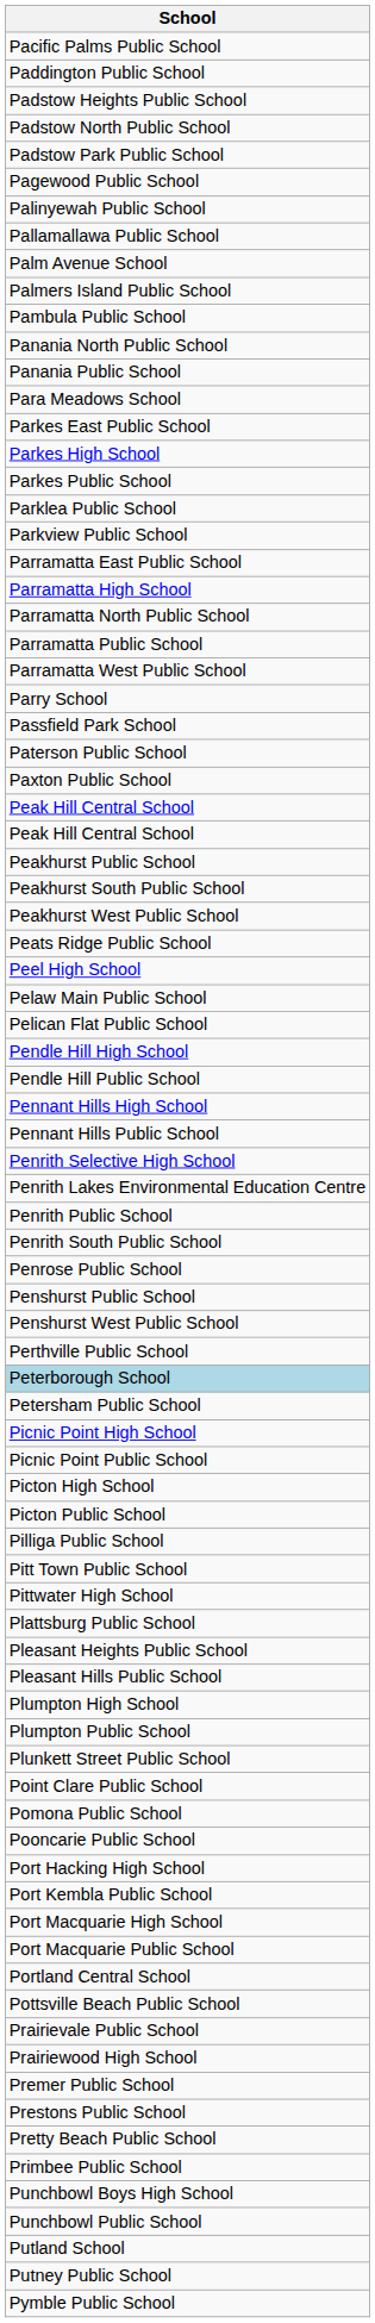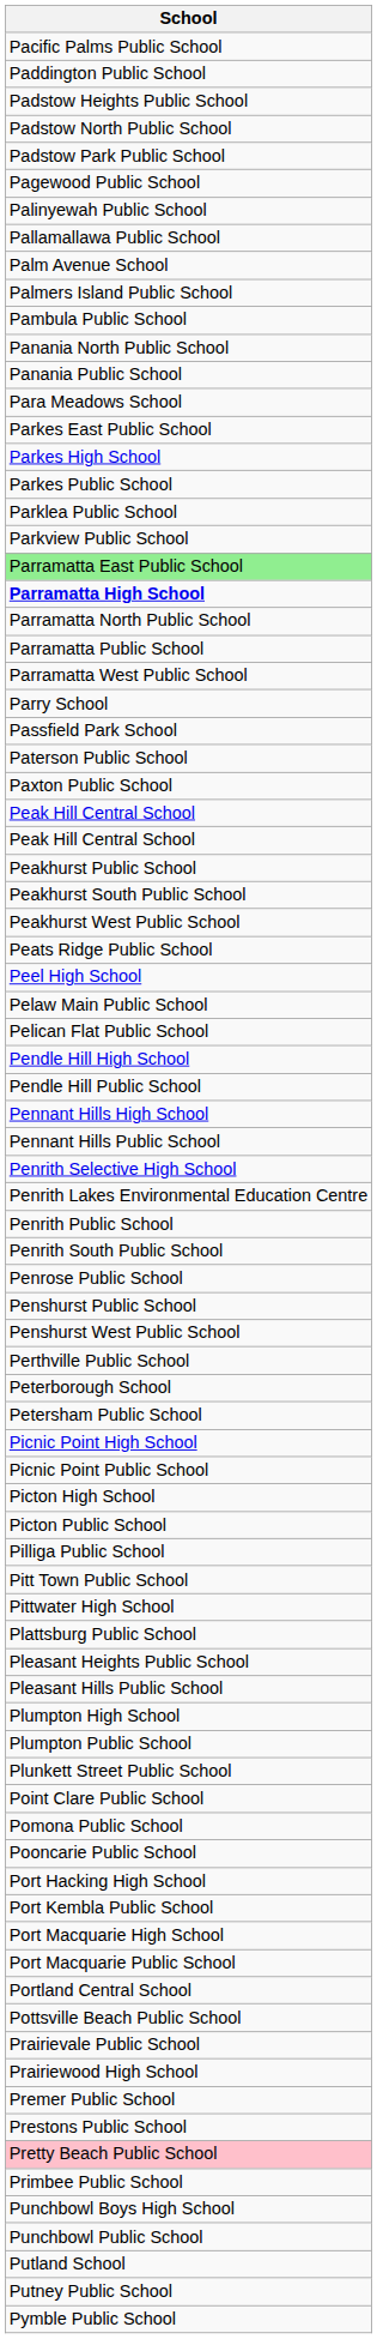 <table class="wikitable">
 <tr>
 <th>School</th>
 </tr>
 <tr>
 <td>Pacific Palms Public School</td>
 </tr>
 <tr>
 <td>Paddington Public School</td>
 </tr>
 <tr>
 <td>Padstow Heights Public School</td>
 </tr>
 <tr>
 <td>Padstow North Public School</td>
 </tr>
 <tr>
 <td>Padstow Park Public School</td>
 </tr>
 <tr>
 <td>Pagewood Public School</td>
 </tr>
 <tr>
 <td>Palinyewah Public School</td>
 </tr>
 <tr>
 <td>Pallamallawa Public School</td>
 </tr>
 <tr>
 <td>Palm Avenue School</td>
 </tr>
 <tr>
 <td>Palmers Island Public School</td>
 </tr>
 <tr>
 <td>Pambula Public School</td>
 </tr>
 <tr>
 <td>Panania North Public School</td>
 </tr>
 <tr>
 <td>Panania Public School</td>
 </tr>
 <tr>
 <td>Para Meadows School</td>
 </tr>
 <tr>
 <td>Parkes East Public School</td>
 </tr>
 <tr>
 <td><a href='#'>Parkes High School</a></td>
 </tr>
 <tr>
 <td>Parkes Public School</td>
 </tr>
 <tr>
 <td>Parklea Public School</td>
 </tr>
 <tr>
 <td>Parkview Public School</td>
 </tr>
 <tr>
-<td>Parramatta East Public School</td>
+<td style="background: lightgreen;">Parramatta East Public School</td>
 </tr>
 <tr>
-<td><a href='#'>Parramatta High School</a></td>
+<td><strong><a href='#'>Parramatta High School</a></strong></td>
 </tr>
 <tr>
 <td>Parramatta North Public School</td>
 </tr>
 <tr>
 <td>Parramatta Public School</td>
 </tr>
 <tr>
 <td>Parramatta West Public School</td>
 </tr>
 <tr>
 <td>Parry School</td>
 </tr>
 <tr>
 <td>Passfield Park School</td>
 </tr>
 <tr>
 <td>Paterson Public School</td>
 </tr>
 <tr>
 <td>Paxton Public School</td>
 </tr>
 <tr>
 <td><a href='#'>Peak Hill Central School</a></td>
 </tr>
 <tr>
 <td>Peak Hill Central School</td>
 </tr>
 <tr>
 <td>Peakhurst Public School</td>
 </tr>
 <tr>
 <td>Peakhurst South Public School</td>
 </tr>
 <tr>
 <td>Peakhurst West Public School</td>
 </tr>
 <tr>
 <td>Peats Ridge Public School</td>
 </tr>
 <tr>
 <td><a href='#'>Peel High School</a></td>
 </tr>
 <tr>
 <td>Pelaw Main Public School</td>
 </tr>
 <tr>
 <td>Pelican Flat Public School</td>
 </tr>
 <tr>
 <td><a href='#'>Pendle Hill High School</a></td>
 </tr>
 <tr>
 <td>Pendle Hill Public School</td>
 </tr>
 <tr>
 <td><a href='#'>Pennant Hills High School</a></td>
 </tr>
 <tr>
 <td>Pennant Hills Public School</td>
 </tr>
 <tr>
 <td><a href='#'>Penrith Selective High School</a></td>
 </tr>
 <tr>
 <td>Penrith Lakes Environmental Education Centre</td>
 </tr>
 <tr>
 <td>Penrith Public School</td>
 </tr>
 <tr>
 <td>Penrith South Public School</td>
 </tr>
 <tr>
 <td>Penrose Public School</td>
 </tr>
 <tr>
 <td>Penshurst Public School</td>
 </tr>
 <tr>
 <td>Penshurst West Public School</td>
 </tr>
 <tr>
 <td>Perthville Public School</td>
 </tr>
 <tr>
-<td style="background: lightblue;">Peterborough School</td>
+<td>Peterborough School</td>
 </tr>
 <tr>
 <td>Petersham Public School</td>
 </tr>
 <tr>
 <td><a href='#'>Picnic Point High School</a></td>
 </tr>
 <tr>
 <td>Picnic Point Public School</td>
 </tr>
 <tr>
 <td>Picton High School</td>
 </tr>
 <tr>
 <td>Picton Public School</td>
 </tr>
 <tr>
 <td>Pilliga Public School</td>
 </tr>
 <tr>
 <td>Pitt Town Public School</td>
 </tr>
 <tr>
 <td>Pittwater High School</td>
 </tr>
 <tr>
 <td>Plattsburg Public School</td>
 </tr>
 <tr>
 <td>Pleasant Heights Public School</td>
 </tr>
 <tr>
 <td>Pleasant Hills Public School</td>
 </tr>
 <tr>
 <td>Plumpton High School</td>
 </tr>
 <tr>
 <td>Plumpton Public School</td>
 </tr>
 <tr>
 <td>Plunkett Street Public School</td>
 </tr>
 <tr>
 <td>Point Clare Public School</td>
 </tr>
 <tr>
 <td>Pomona Public School</td>
 </tr>
 <tr>
 <td>Pooncarie Public School</td>
 </tr>
 <tr>
 <td>Port Hacking High School</td>
 </tr>
 <tr>
 <td>Port Kembla Public School</td>
 </tr>
 <tr>
 <td>Port Macquarie High School</td>
 </tr>
 <tr>
 <td>Port Macquarie Public School</td>
 </tr>
 <tr>
 <td>Portland Central School</td>
 </tr>
 <tr>
 <td>Pottsville Beach Public School</td>
 </tr>
 <tr>
 <td>Prairievale Public School</td>
 </tr>
 <tr>
 <td>Prairiewood High School</td>
 </tr>
 <tr>
 <td>Premer Public School</td>
 </tr>
 <tr>
 <td>Prestons Public School</td>
 </tr>
 <tr>
-<td>Pretty Beach Public School</td>
+<td style="background: pink;">Pretty Beach Public School</td>
 </tr>
 <tr>
 <td>Primbee Public School</td>
 </tr>
 <tr>
 <td>Punchbowl Boys High School</td>
 </tr>
 <tr>
 <td>Punchbowl Public School</td>
 </tr>
 <tr>
 <td>Putland School</td>
 </tr>
 <tr>
 <td>Putney Public School</td>
 </tr>
 <tr>
 <td>Pymble Public School</td>
 </tr>
 </table>
